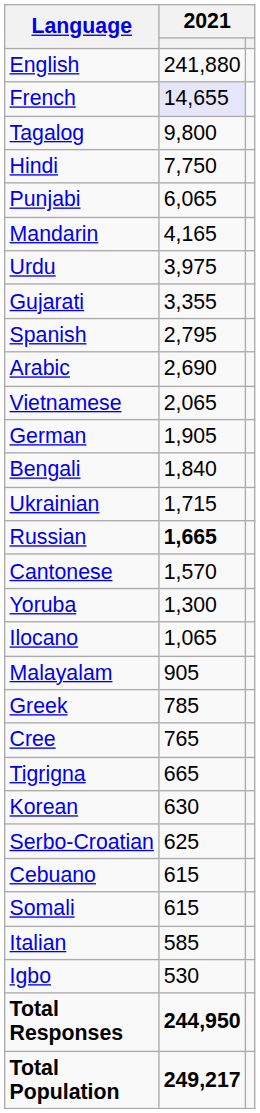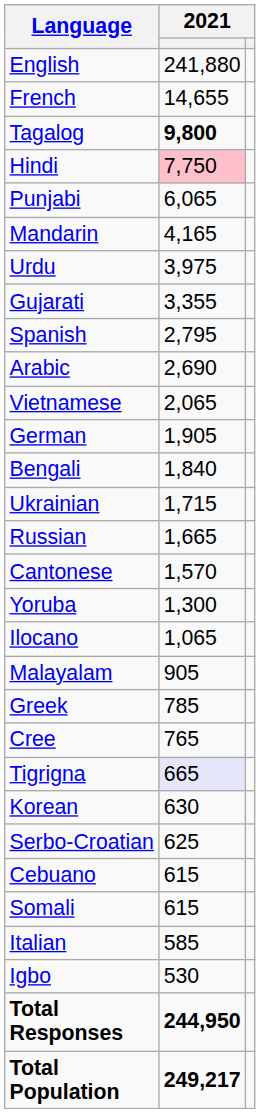 <table class="wikitable collapsible sortable">
 <tr>
 <th rowspan="2"><a href='#'>Language</a></th>
 <th colspan="2">2021</th>
 </tr>
 <tr>
 <th><a href='#'></a></th>
 <th></th>
 </tr>
 <tr>
 <td><a href='#'>English</a></td>
 <td>241,880</td>
 <td></td>
 </tr>
 <tr>
 <td><a href='#'>French</a></td>
-<td style="background: lavender;">14,655</td>
+<td>14,655</td>
 <td></td>
 </tr>
 <tr>
 <td><a href='#'>Tagalog</a></td>
-<td>9,800</td>
+<td><strong>9,800</strong></td>
 <td></td>
 </tr>
 <tr>
 <td><a href='#'>Hindi</a></td>
-<td>7,750</td>
+<td style="background: pink;">7,750</td>
 <td></td>
 </tr>
 <tr>
 <td><a href='#'>Punjabi</a></td>
 <td>6,065</td>
 <td></td>
 </tr>
 <tr>
 <td><a href='#'>Mandarin</a></td>
 <td>4,165</td>
 <td></td>
 </tr>
 <tr>
 <td><a href='#'>Urdu</a></td>
 <td>3,975</td>
 <td></td>
 </tr>
 <tr>
 <td><a href='#'>Gujarati</a></td>
 <td>3,355</td>
 <td></td>
 </tr>
 <tr>
 <td><a href='#'>Spanish</a></td>
 <td>2,795</td>
 <td></td>
 </tr>
 <tr>
 <td><a href='#'>Arabic</a></td>
 <td>2,690</td>
 <td></td>
 </tr>
 <tr>
 <td><a href='#'>Vietnamese</a></td>
 <td>2,065</td>
 <td></td>
 </tr>
 <tr>
 <td><a href='#'>German</a></td>
 <td>1,905</td>
 <td></td>
 </tr>
 <tr>
 <td><a href='#'>Bengali</a></td>
 <td>1,840</td>
 <td></td>
 </tr>
 <tr>
 <td><a href='#'>Ukrainian</a></td>
 <td>1,715</td>
 <td></td>
 </tr>
 <tr>
 <td><a href='#'>Russian</a></td>
-<td><strong>1,665</strong></td>
+<td>1,665</td>
 <td></td>
 </tr>
 <tr>
 <td><a href='#'>Cantonese</a></td>
 <td>1,570</td>
 <td></td>
 </tr>
 <tr>
 <td><a href='#'>Yoruba</a></td>
 <td>1,300</td>
 <td></td>
 </tr>
 <tr>
 <td><a href='#'>Ilocano</a></td>
 <td>1,065</td>
 <td></td>
 </tr>
 <tr>
 <td><a href='#'>Malayalam</a></td>
 <td>905</td>
 <td></td>
 </tr>
 <tr>
 <td><a href='#'>Greek</a></td>
 <td>785</td>
 <td></td>
 </tr>
 <tr>
 <td><a href='#'>Cree</a></td>
 <td>765</td>
 <td></td>
 </tr>
 <tr>
 <td><a href='#'>Tigrigna</a></td>
-<td>665</td>
+<td style="background: lavender;">665</td>
 <td></td>
 </tr>
 <tr>
 <td><a href='#'>Korean</a></td>
 <td>630</td>
 <td></td>
 </tr>
 <tr>
 <td><a href='#'>Serbo-Croatian</a></td>
 <td>625</td>
 <td></td>
 </tr>
 <tr>
 <td><a href='#'>Cebuano</a></td>
 <td>615</td>
 <td></td>
 </tr>
 <tr>
 <td><a href='#'>Somali</a></td>
 <td>615</td>
 <td></td>
 </tr>
 <tr>
 <td><a href='#'>Italian</a></td>
 <td>585</td>
 <td></td>
 </tr>
 <tr>
 <td><a href='#'>Igbo</a></td>
 <td>530</td>
 <td></td>
 </tr>
 <tr>
 <td><strong>Total<br>Responses</strong></td>
 <td><strong>244,950</strong></td>
 <td><strong></strong></td>
 </tr>
 <tr>
 <td><strong>Total<br>Population</strong></td>
 <td><strong>249,217</strong></td>
 <td><strong></strong></td>
 </tr>
 </table>
